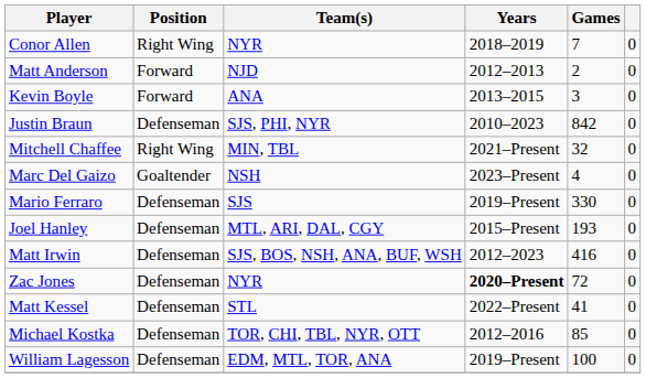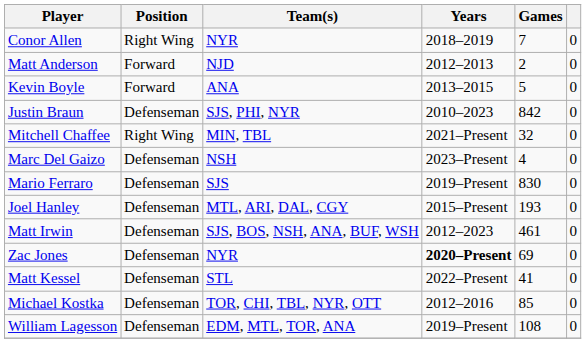 <table class="wikitable sortable">
 <tr>
 <th>Player</th>
 <th>Position</th>
 <th>Team(s)</th>
 <th>Years</th>
 <th>Games</th>
 <th><a href='#'></a></th>
 </tr>
 <tr>
 <td><a href='#'>Conor Allen</a></td>
 <td>Right Wing</td>
 <td><a href='#'>NYR</a></td>
 <td>2018–2019</td>
 <td>7</td>
 <td>0</td>
 </tr>
 <tr>
 <td><a href='#'>Matt Anderson</a></td>
 <td>Forward</td>
 <td><a href='#'>NJD</a></td>
 <td>2012–2013</td>
 <td>2</td>
 <td>0</td>
 </tr>
 <tr>
 <td><a href='#'>Kevin Boyle</a></td>
 <td>Forward</td>
 <td><a href='#'>ANA</a></td>
 <td>2013–2015</td>
-<td>3</td>
+<td>5</td>
 <td>0</td>
 </tr>
 <tr>
 <td><a href='#'>Justin Braun</a></td>
 <td>Defenseman</td>
 <td><a href='#'>SJS</a>, <a href='#'>PHI</a>, <a href='#'>NYR</a></td>
 <td>2010–2023</td>
 <td>842</td>
 <td>0</td>
 </tr>
 <tr>
 <td><a href='#'>Mitchell Chaffee</a></td>
 <td>Right Wing</td>
 <td><a href='#'>MIN</a>, <a href='#'>TBL</a></td>
 <td>2021–Present</td>
 <td>32</td>
 <td>0</td>
 </tr>
 <tr>
 <td><a href='#'>Marc Del Gaizo</a></td>
-<td>Goaltender</td>
+<td>Defenseman</td>
 <td><a href='#'>NSH</a></td>
 <td>2023–Present</td>
 <td>4</td>
 <td>0</td>
 </tr>
 <tr>
 <td><a href='#'>Mario Ferraro</a></td>
 <td>Defenseman</td>
 <td><a href='#'>SJS</a></td>
 <td>2019–Present</td>
-<td>330</td>
+<td>830</td>
 <td>0</td>
 </tr>
 <tr>
 <td><a href='#'>Joel Hanley</a></td>
 <td>Defenseman</td>
 <td><a href='#'>MTL</a>, <a href='#'>ARI</a>, <a href='#'>DAL</a>, <a href='#'>CGY</a></td>
 <td>2015–Present</td>
 <td>193</td>
 <td>0</td>
 </tr>
 <tr>
 <td><a href='#'>Matt Irwin</a></td>
 <td>Defenseman</td>
 <td><a href='#'>SJS</a>, <a href='#'>BOS</a>, <a href='#'>NSH</a>, <a href='#'>ANA</a>, <a href='#'>BUF</a>, <a href='#'>WSH</a></td>
 <td>2012–2023</td>
-<td>416</td>
+<td>461</td>
 <td>0</td>
 </tr>
 <tr>
 <td><a href='#'>Zac Jones</a></td>
 <td>Defenseman</td>
 <td><a href='#'>NYR</a></td>
 <td><strong>2020–Present</strong></td>
-<td>72</td>
+<td>69</td>
 <td>0</td>
 </tr>
 <tr>
 <td><a href='#'>Matt Kessel</a></td>
 <td>Defenseman</td>
 <td><a href='#'>STL</a></td>
 <td>2022–Present</td>
 <td>41</td>
 <td>0</td>
 </tr>
 <tr>
 <td><a href='#'>Michael Kostka</a></td>
 <td>Defenseman</td>
 <td><a href='#'>TOR</a>, <a href='#'>CHI</a>, <a href='#'>TBL</a>, <a href='#'>NYR</a>, <a href='#'>OTT</a></td>
 <td>2012–2016</td>
 <td>85</td>
 <td>0</td>
 </tr>
 <tr>
 <td><a href='#'>William Lagesson</a></td>
 <td>Defenseman</td>
 <td><a href='#'>EDM</a>, <a href='#'>MTL</a>, <a href='#'>TOR</a>, <a href='#'>ANA</a></td>
 <td>2019–Present</td>
-<td>100</td>
+<td>108</td>
 <td>0</td>
 </tr>
 <tr>
 </tr>
 </table>
